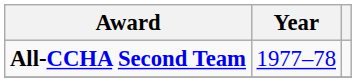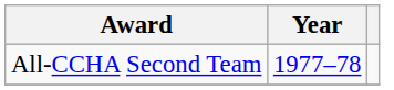 <table class="wikitable">
 <tr>
 <th>Award</th>
 <th>Year</th>
 <th></th>
 </tr>
 <tr>
-<td><strong>All-<a href='#'>CCHA</a> <a href='#'>Second Team</a></strong></td>
+<td>All-<a href='#'>CCHA</a> <a href='#'>Second Team</a></td>
 <td><a href='#'>1977–78</a></td>
 <td></td>
 </tr>
 <tr>
 </tr>
 </table>
